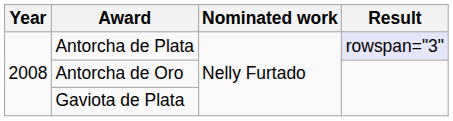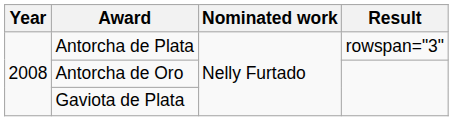 <table class="wikitable">
 <tr>
 <th>Year</th>
 <th>Award</th>
 <th>Nominated work</th>
 <th>Result</th>
 </tr>
 <tr>
 <td rowspan="3">2008</td>
 <td>Antorcha de Plata</td>
 <td rowspan="3">Nelly Furtado</td>
-<td style="background: lavender;">rowspan="3" </td>
+<td>rowspan="3" </td>
 </tr>
 <tr>
 <td>Antorcha de Oro</td>
 </tr>
 <tr>
 <td>Gaviota de Plata</td>
 </tr>
 </table>
